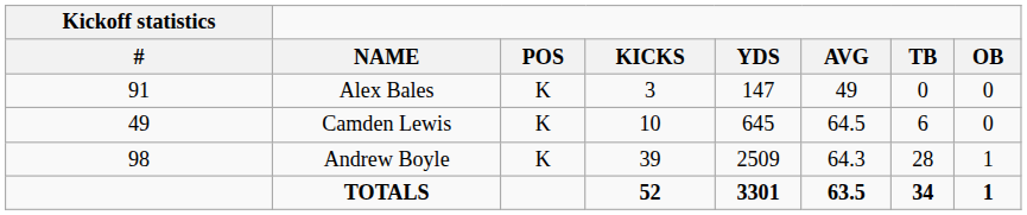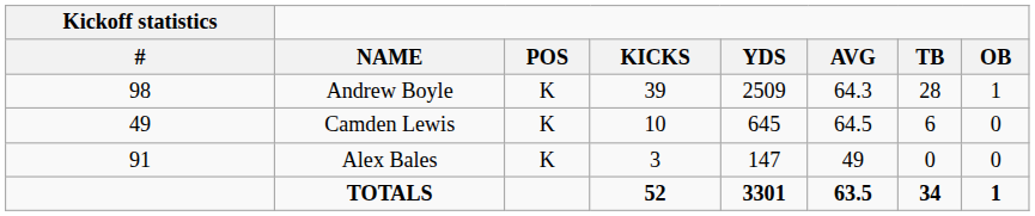 <table style="width:60%; text-align:center;" class="wikitable collapsible collapsed">
 <tr>
 <th style="text-align:center; ">Kickoff statistics</th>
 </tr>
 <tr>
 <th>#</th>
 <th>NAME</th>
 <th>POS</th>
 <th>KICKS</th>
 <th>YDS</th>
 <th>AVG</th>
 <th>TB</th>
 <th>OB</th>
 </tr>
 <tr>
-<td>91</td>
-<td>Alex Bales</td>
+<td>98</td>
+<td>Andrew Boyle</td>
 <td>K</td>
-<td>3</td>
-<td>147</td>
-<td>49</td>
-<td>0</td>
-<td>0</td>
+<td>39</td>
+<td>2509</td>
+<td>64.3</td>
+<td>28</td>
+<td>1</td>
 </tr>
 <tr>
 <td>49</td>
 <td>Camden Lewis</td>
 <td>K</td>
 <td>10</td>
 <td>645</td>
 <td>64.5</td>
 <td>6</td>
 <td>0</td>
 </tr>
 <tr>
-<td>98</td>
-<td>Andrew Boyle</td>
+<td>91</td>
+<td>Alex Bales</td>
 <td>K</td>
-<td>39</td>
-<td>2509</td>
-<td>64.3</td>
-<td>28</td>
-<td>1</td>
+<td>3</td>
+<td>147</td>
+<td>49</td>
+<td>0</td>
+<td>0</td>
 </tr>
 <tr>
 <td></td>
 <td><strong>TOTALS</strong></td>
 <td></td>
 <td><strong>52</strong></td>
 <td><strong>3301</strong></td>
 <td><strong>63.5</strong></td>
 <td><strong>34</strong></td>
 <td><strong>1</strong></td>
 </tr>
 </table>
